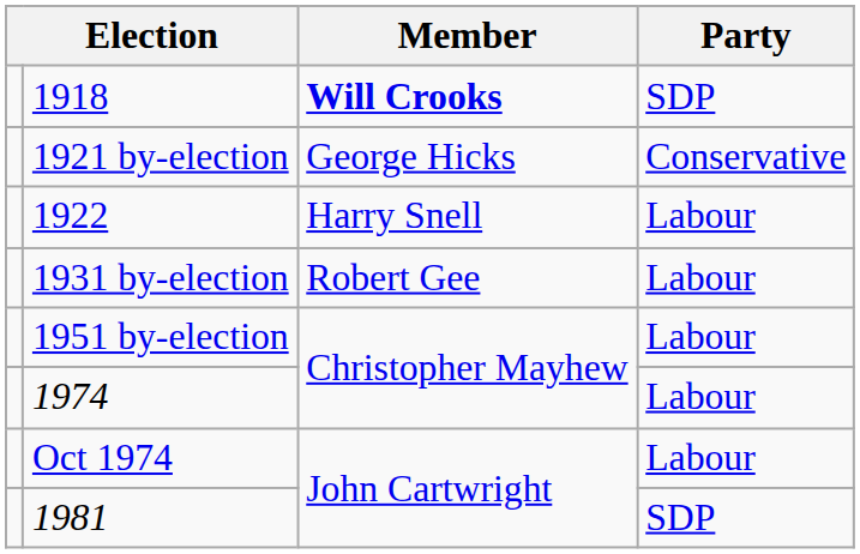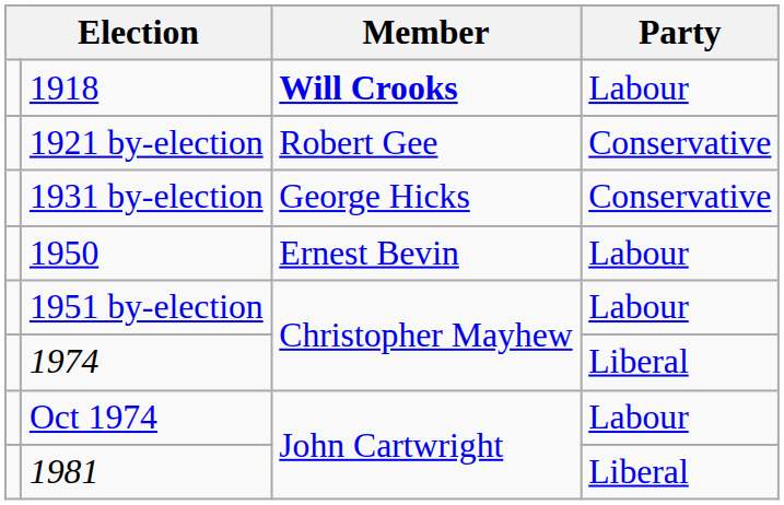 <table class="wikitable">
 <tr>
 <th colspan="2">Election</th>
 <th>Member</th>
 <th>Party</th>
 </tr>
 <tr>
 <td style="color:inherit;background-color: "></td>
 <td><a href='#'>1918</a></td>
 <td><strong><a href='#'>Will Crooks</a></strong></td>
-<td><a href='#'>SDP</a></td>
+<td><a href='#'>Labour</a></td>
 </tr>
 <tr>
 <td style="color:inherit;background-color: "></td>
 <td><a href='#'>1921 by-election</a></td>
+<td><a href='#'>Robert Gee</a></td>
+<td><a href='#'>Conservative</a></td>
+</tr>
+<tr>
+<td style="color:inherit;background-color: "></td>
+<td><a href='#'>1931 by-election</a></td>
 <td><a href='#'>George Hicks</a></td>
 <td><a href='#'>Conservative</a></td>
 </tr>
 <tr>
 <td style="color:inherit;background-color: "></td>
-<td><a href='#'>1922</a></td>
-<td><a href='#'>Harry Snell</a></td>
-<td><a href='#'>Labour</a></td>
-</tr>
-<tr>
-<td style="color:inherit;background-color: "></td>
-<td><a href='#'>1931 by-election</a></td>
-<td><a href='#'>Robert Gee</a></td>
+<td><a href='#'>1950</a></td>
+<td><a href='#'>Ernest Bevin</a></td>
 <td><a href='#'>Labour</a></td>
 </tr>
 <tr>
 <td style="color:inherit;background-color: "></td>
 <td><a href='#'>1951 by-election</a></td>
 <td rowspan="2"><a href='#'>Christopher Mayhew</a></td>
 <td><a href='#'>Labour</a></td>
 </tr>
 <tr>
 <td style="color:inherit;background-color: "></td>
 <td><em>1974</em></td>
-<td><a href='#'>Labour</a></td>
+<td><a href='#'>Liberal</a></td>
 </tr>
 <tr>
 <td style="color:inherit;background-color: "></td>
 <td><a href='#'>Oct 1974</a></td>
 <td rowspan="2"><a href='#'>John Cartwright</a></td>
 <td><a href='#'>Labour</a></td>
 </tr>
 <tr>
 <td style="color:inherit;background-color: "></td>
 <td><em>1981</em></td>
-<td><a href='#'>SDP</a></td>
+<td><a href='#'>Liberal</a></td>
 </tr>
 </table>
